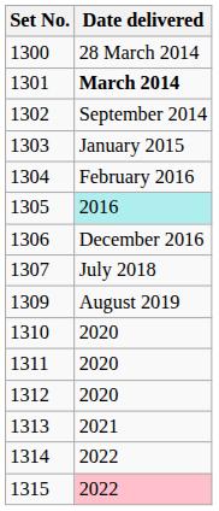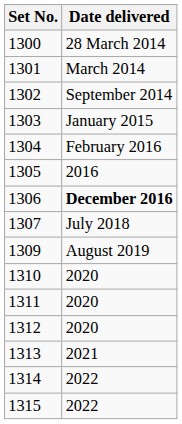 <table class="wikitable">
 <tr>
 <th>Set No.</th>
 <th>Date delivered</th>
 </tr>
 <tr>
 <td>1300</td>
 <td>28 March 2014</td>
 </tr>
 <tr>
 <td>1301</td>
-<td><strong>March 2014</strong></td>
+<td>March 2014</td>
 </tr>
 <tr>
 <td>1302</td>
 <td>September 2014</td>
 </tr>
 <tr>
 <td>1303</td>
 <td>January 2015</td>
 </tr>
 <tr>
 <td>1304</td>
 <td>February 2016</td>
 </tr>
 <tr>
 <td>1305</td>
-<td style="background: paleturquoise;">2016</td>
+<td>2016</td>
 </tr>
 <tr>
 <td>1306</td>
-<td>December 2016</td>
+<td><strong>December 2016</strong></td>
 </tr>
 <tr>
 <td>1307</td>
 <td>July 2018</td>
 </tr>
 <tr>
 <td>1309</td>
 <td>August 2019</td>
 </tr>
 <tr>
 <td>1310</td>
 <td>2020</td>
 </tr>
 <tr>
 <td>1311</td>
 <td>2020</td>
 </tr>
 <tr>
 <td>1312</td>
 <td>2020</td>
 </tr>
 <tr>
 <td>1313</td>
 <td>2021</td>
 </tr>
 <tr>
 <td>1314</td>
 <td>2022</td>
 </tr>
 <tr>
 <td>1315</td>
-<td style="background: pink;">2022</td>
+<td>2022</td>
 </tr>
 </table>
